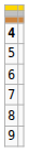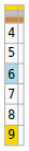 <table class="wikitable">
 <tr style="background:#ffd700;">
 <td align=center></td>
 <td></td>
 </tr>
 <tr style="background:#c0c0c0;">
 <td align=center></td>
 <td></td>
 </tr>
 <tr style="background:#CD853F;">
 <td align=center></td>
 <td></td>
 </tr>
 <tr>
-<td align=center><strong>4</strong></td>
+<td align=center>4</td>
 <td></td>
 </tr>
 <tr>
 <td align=center>5</td>
 <td></td>
 </tr>
 <tr>
-<td align=center>6</td>
+<td align=center style="background: lightblue;">6</td>
 <td></td>
 </tr>
 <tr>
 <td align=center>7</td>
 <td></td>
 </tr>
 <tr>
 <td align=center>8</td>
 <td></td>
 </tr>
 <tr>
-<td align=center>9</td>
+<td align=center style="background: gold;">9</td>
 <td></td>
 </tr>
 </table>
